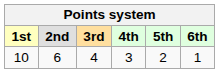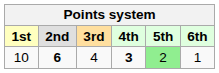 <table class="wikitable" style="font-size: 85%; text-align: center">
 <tr>
 <th colspan=10>Points system</th>
 </tr>
 <tr>
 <td style="background:#ffffbf;"> <strong>1st</strong> </td>
 <td style="background:#dfdfdf;"> <strong>2nd</strong> </td>
 <td style="background:#ffdf9f;"> <strong>3rd</strong> </td>
 <td style="background:#dfffdf;"> <strong>4th</strong> </td>
 <td style="background:#dfffdf;"> <strong>5th</strong> </td>
 <td style="background:#dfffdf;"> <strong>6th</strong> </td>
 </tr>
 <tr>
 <td>10</td>
-<td>6</td>
+<td><strong>6</strong></td>
 <td>4</td>
-<td>3</td>
-<td>2</td>
+<td><strong>3</strong></td>
+<td style="background: lightgreen;">2</td>
 <td>1</td>
 </tr>
 </table>
